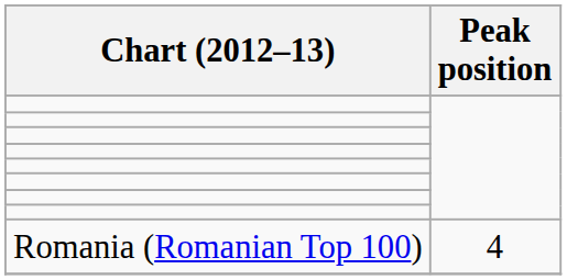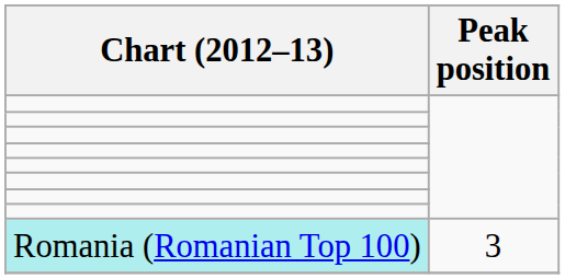 <table class="wikitable sortable">
 <tr>
 <th>Chart (2012–13)</th>
 <th>Peak<br>position</th>
 </tr>
 <tr>
 <td></td>
 </tr>
 <tr>
 <td></td>
 </tr>
 <tr>
 <td></td>
 </tr>
 <tr>
 <td></td>
 </tr>
 <tr>
 <td></td>
 </tr>
 <tr>
 <td></td>
 </tr>
 <tr>
 <td></td>
 </tr>
 <tr>
 <td></td>
 </tr>
 <tr>
-<td>Romania (<a href='#'>Romanian Top 100</a>)</td>
-<td style="text-align:center;">4</td>
+<td style="background: paleturquoise;">Romania (<a href='#'>Romanian Top 100</a>)</td>
+<td style="text-align:center;">3</td>
 </tr>
 <tr>
 </tr>
 <tr>
 </tr>
 <tr>
 </tr>
 </table>
